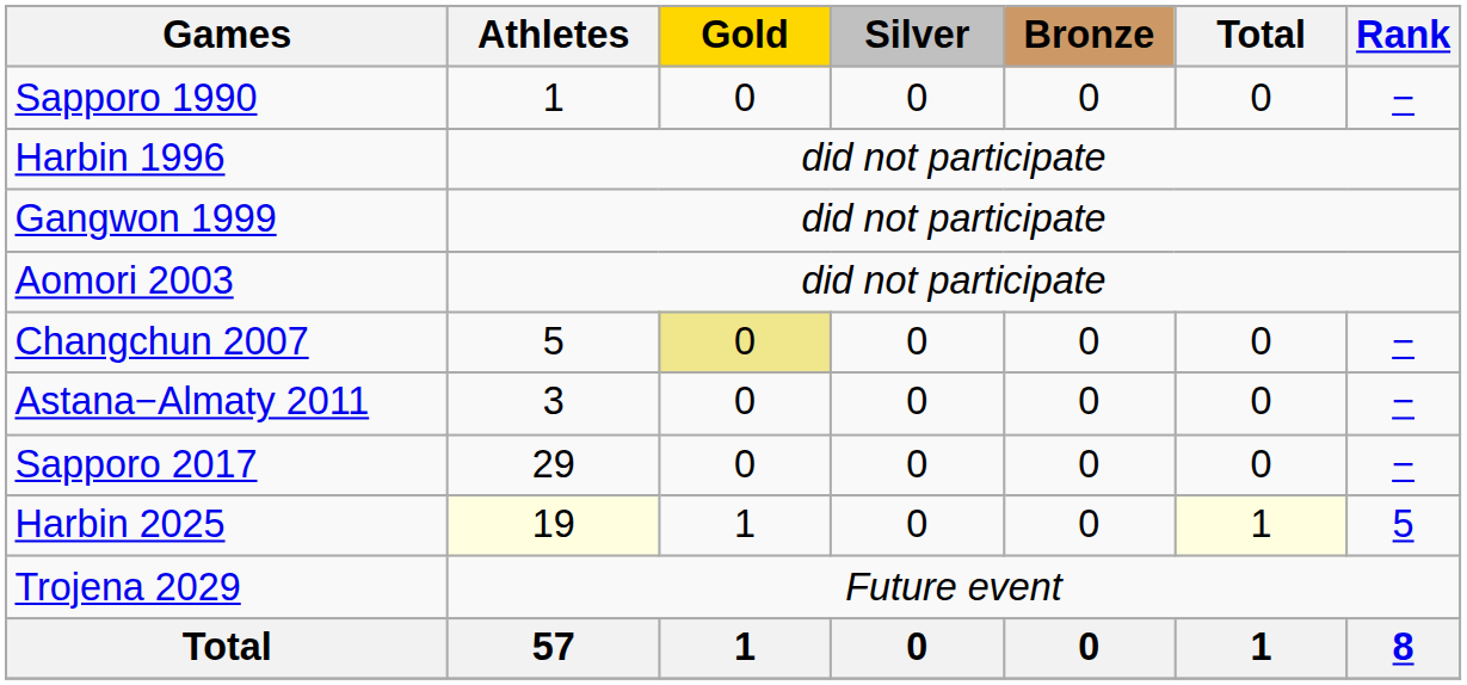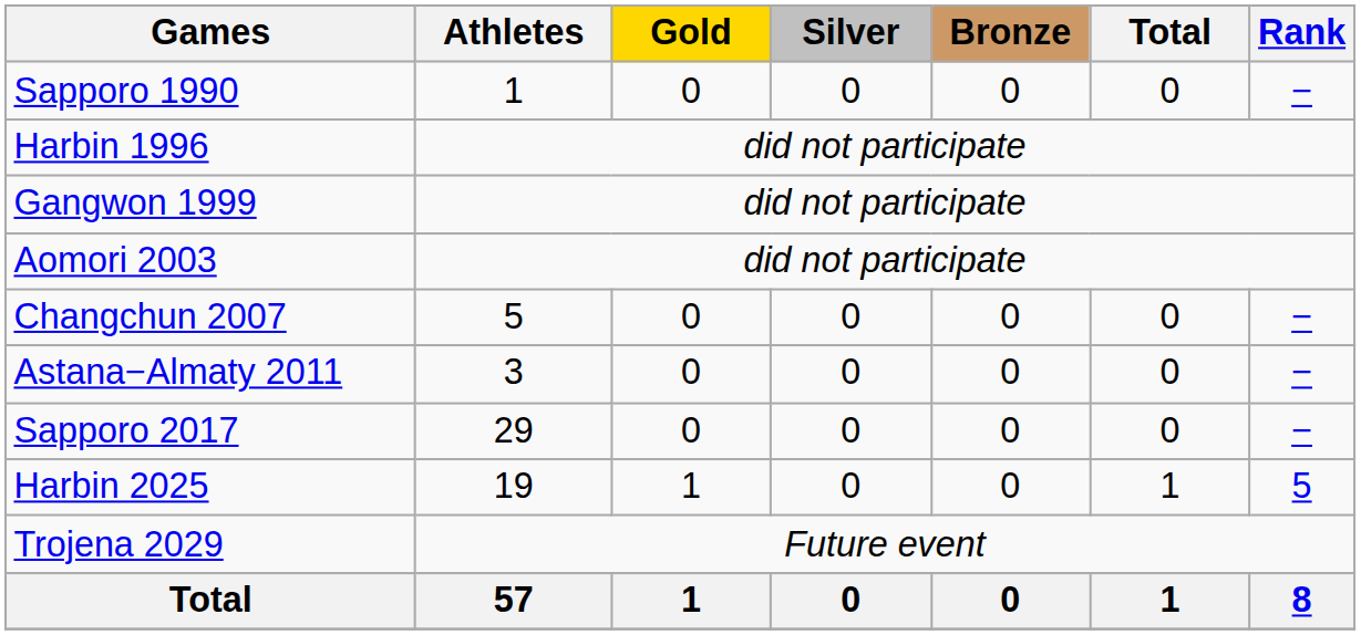 <table class="wikitable sortable" style="margin-top:0em; text-align:center; font-size:100%;">
 <tr>
 <th style="width:11em;">Games</th>
 <th scope="col" style="width:5em;">Athletes</th>
 <th style="width:4em; background:gold;">Gold</th>
 <th style="width:4em; background:silver;">Silver</th>
 <th style="width:4em; background:#cc9966;">Bronze</th>
 <th style="width:4em;">Total</th>
 <th style="width:2em;"><a href='#'>Rank</a></th>
 </tr>
 <tr>
 <td align=left> <a href='#'>Sapporo 1990</a></td>
 <td>1</td>
 <td>0</td>
 <td>0</td>
 <td>0</td>
 <td>0</td>
 <td><a href='#'>−</a></td>
 </tr>
 <tr>
 <td align=left> <a href='#'>Harbin 1996</a></td>
 <td colspan=6><em>did not participate</em></td>
 </tr>
 <tr>
 <td align=left> <a href='#'>Gangwon 1999</a></td>
 <td colspan=6><em>did not participate</em></td>
 </tr>
 <tr>
 <td align=left> <a href='#'>Aomori 2003</a></td>
 <td colspan=6><em>did not participate</em></td>
 </tr>
 <tr>
 <td align=left> <a href='#'>Changchun 2007</a></td>
 <td>5</td>
-<td style="background: khaki;">0</td>
+<td>0</td>
 <td>0</td>
 <td>0</td>
 <td>0</td>
 <td><a href='#'>−</a></td>
 </tr>
 <tr>
 <td align=left> <a href='#'>Astana−Almaty 2011</a></td>
 <td>3</td>
 <td>0</td>
 <td>0</td>
 <td>0</td>
 <td>0</td>
 <td><a href='#'>−</a></td>
 </tr>
 <tr>
 <td align=left> <a href='#'>Sapporo 2017</a></td>
 <td>29</td>
 <td>0</td>
 <td>0</td>
 <td>0</td>
 <td>0</td>
 <td><a href='#'>−</a></td>
 </tr>
 <tr>
 <td align=left> <a href='#'>Harbin 2025</a></td>
-<td style="background: lightyellow;">19</td>
+<td>19</td>
 <td>1</td>
 <td>0</td>
 <td>0</td>
-<td style="background: lightyellow;">1</td>
+<td>1</td>
 <td><a href='#'>5</a></td>
 </tr>
 <tr>
 <td align=left> <a href='#'>Trojena 2029</a></td>
 <td colspan=6><em>Future event</em></td>
 </tr>
 <tr>
 <th><strong>Total</strong></th>
 <th><strong>57</strong></th>
 <th><strong>1</strong></th>
 <th><strong>0</strong></th>
 <th><strong>0</strong></th>
 <th><strong>1</strong></th>
 <th><strong><a href='#'>8</a></strong></th>
 </tr>
 <tr class="sortbottom">
 </tr>
 </table>
